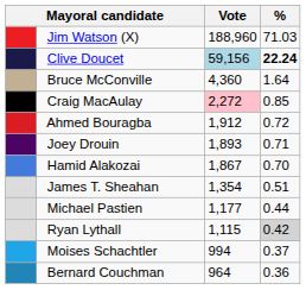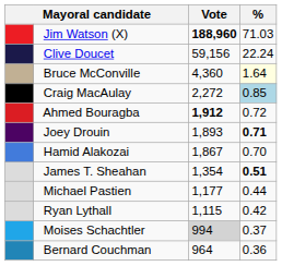 <table class="wikitable">
 <tr>
 <th bgcolor="#DDDDFF" width="230px" colspan="2">Mayoral candidate</th>
 <th bgcolor="#DDDDFF" width="50px">Vote</th>
 <th bgcolor="#DDDDFF" width="30px">%</th>
 </tr>
 <tr>
 <td bgcolor=#ED1D24 width="30px"> </td>
 <td>  <a href='#'>Jim Watson</a> (X)</td>
-<td>188,960</td>
+<td><strong>188,960</strong></td>
 <td>71.03</td>
 </tr>
 <tr>
 <td bgcolor=#1B194A width="30px"> </td>
 <td>  <a href='#'>Clive Doucet</a></td>
-<td style="background: lightblue;">59,156</td>
-<td><strong>22.24</strong></td>
+<td>59,156</td>
+<td>22.24</td>
 </tr>
 <tr>
 <td bgcolor=#C1B094 width="30px"> </td>
 <td>  Bruce McConville</td>
 <td>4,360</td>
-<td>1.64</td>
+<td style="background: lightyellow;">1.64</td>
 </tr>
 <tr>
 <td bgcolor=#000000 width="30px"> </td>
 <td>  Craig MacAulay</td>
-<td style="background: pink;">2,272</td>
-<td>0.85</td>
+<td>2,272</td>
+<td style="background: lightblue;">0.85</td>
 </tr>
 <tr>
 <td bgcolor=#DB1D23 width="30px"> </td>
 <td>  Ahmed Bouragba</td>
-<td>1,912</td>
+<td><strong>1,912</strong></td>
 <td>0.72</td>
 </tr>
 <tr>
 <td bgcolor=#4C0363 width="30px"> </td>
 <td>  Joey Drouin</td>
 <td>1,893</td>
-<td>0.71</td>
+<td><strong>0.71</strong></td>
 </tr>
 <tr>
 <td bgcolor=#427BDB width="30px"> </td>
 <td>  Hamid Alakozai</td>
 <td>1,867</td>
 <td>0.70</td>
 </tr>
 <tr>
 <td bgcolor=#DCDCDC width="30px"> </td>
 <td>  James T. Sheahan</td>
 <td>1,354</td>
-<td>0.51</td>
+<td><strong>0.51</strong></td>
 </tr>
 <tr>
 <td bgcolor=#DCDCDC width="30px"> </td>
 <td>  Michael Pastien</td>
 <td>1,177</td>
 <td>0.44</td>
 </tr>
 <tr>
 <td bgcolor=#DCDCDC width="30px"> </td>
 <td>  Ryan Lythall</td>
 <td>1,115</td>
-<td style="background: lightgrey;">0.42</td>
+<td>0.42</td>
 </tr>
 <tr>
 <td bgcolor=#20A6E8 width="30px"> </td>
 <td>  Moises Schachtler</td>
-<td>994</td>
+<td style="background: lightgrey;">994</td>
 <td>0.37</td>
 </tr>
 <tr>
 <td bgcolor=#2185B7 width="30px"> </td>
 <td>  Bernard Couchman</td>
 <td>964</td>
 <td>0.36</td>
 </tr>
 </table>
